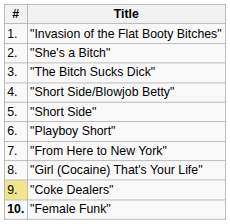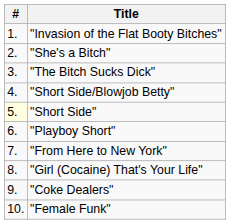 <table class="wikitable">
 <tr>
 <th>#</th>
 <th width="250">Title</th>
 </tr>
 <tr>
 <td>1.</td>
 <td>"Invasion of the Flat Booty Bitches"</td>
 </tr>
 <tr>
 <td>2.</td>
 <td>"She's a Bitch"</td>
 </tr>
 <tr>
 <td>3.</td>
 <td>"The Bitch Sucks Dick"</td>
 </tr>
 <tr>
 <td>4.</td>
 <td>"Short Side/Blowjob Betty"</td>
 </tr>
 <tr>
-<td>5.</td>
+<td style="background: lightyellow;">5.</td>
 <td>"Short Side"</td>
 </tr>
 <tr>
 <td>6.</td>
 <td>"Playboy Short"</td>
 </tr>
 <tr>
 <td>7.</td>
 <td>"From Here to New York"</td>
 </tr>
 <tr>
 <td>8.</td>
 <td>"Girl (Cocaine) That's Your Life"</td>
 </tr>
 <tr>
-<td style="background: khaki;">9.</td>
+<td>9.</td>
 <td>"Coke Dealers"</td>
 </tr>
 <tr>
-<td><strong>10.</strong></td>
+<td>10.</td>
 <td>"Female Funk"</td>
 </tr>
 </table>
